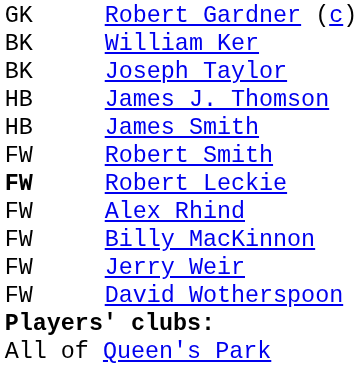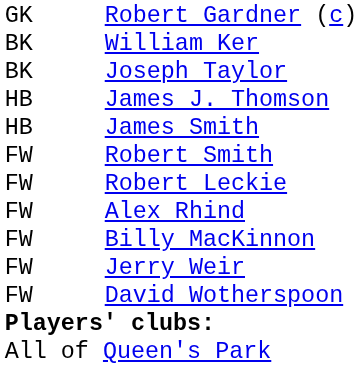 <table style="font-size:90%; margin:0.2em auto;" cellspacing="0" cellpadding="0">
 <tr>
 <th width="25"></th>
 <th width="25"></th>
 </tr>
 <tr>
 <td>GK</td>
 <td></td>
 <td><a href='#'>Robert Gardner</a> (<a href='#'>c</a>)</td>
 </tr>
 <tr>
 <td>BK</td>
 <td></td>
 <td><a href='#'>William Ker</a></td>
 </tr>
 <tr>
 <td>BK</td>
 <td></td>
 <td><a href='#'>Joseph Taylor</a></td>
 </tr>
 <tr>
 <td>HB</td>
 <td></td>
 <td><a href='#'>James J. Thomson</a></td>
 </tr>
 <tr>
 <td>HB</td>
 <td></td>
 <td><a href='#'>James Smith</a></td>
 </tr>
 <tr>
 <td>FW</td>
 <td></td>
 <td><a href='#'>Robert Smith</a></td>
 </tr>
 <tr>
-<td><strong>FW</strong></td>
+<td>FW</td>
 <td></td>
 <td><a href='#'>Robert Leckie</a></td>
 </tr>
 <tr>
 <td>FW</td>
 <td></td>
 <td><a href='#'>Alex Rhind</a></td>
 </tr>
 <tr>
 <td>FW</td>
 <td></td>
 <td><a href='#'>Billy MacKinnon</a></td>
 </tr>
 <tr>
 <td>FW</td>
 <td></td>
 <td><a href='#'>Jerry Weir</a></td>
 </tr>
 <tr>
 <td>FW</td>
 <td></td>
 <td><a href='#'>David Wotherspoon</a></td>
 </tr>
 <tr>
 <td colspan=4><strong>Players' clubs:</strong></td>
 </tr>
 <tr>
 <td colspan="4">All of <a href='#'>Queen's Park</a></td>
 </tr>
 </table>
